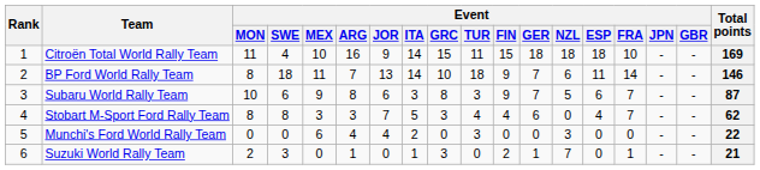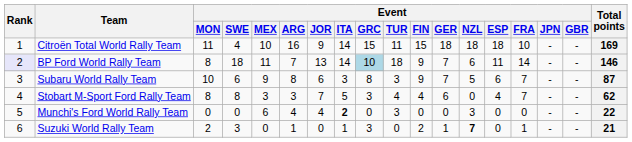 <table class="wikitable" style="text-align:center; font-size:90%;">
 <tr>
 <th rowspan=2>Rank</th>
 <th rowspan=2>Team</th>
 <th colspan=15>Event</th>
 <th rowspan=2>Total<br>points</th>
 </tr>
 <tr valign="top">
 <th><a href='#'>MON</a><br></th>
 <th><a href='#'>SWE</a><br></th>
 <th><a href='#'>MEX</a><br></th>
 <th><a href='#'>ARG</a><br></th>
 <th><a href='#'>JOR</a><br></th>
 <th><a href='#'>ITA</a><br></th>
 <th><a href='#'>GRC</a><br></th>
 <th><a href='#'>TUR</a><br></th>
 <th><a href='#'>FIN</a><br></th>
 <th><a href='#'>GER</a><br></th>
 <th><a href='#'>NZL</a><br></th>
 <th><a href='#'>ESP</a><br></th>
 <th><a href='#'>FRA</a><br></th>
 <th><a href='#'>JPN</a><br></th>
 <th><a href='#'>GBR</a><br></th>
 </tr>
 <tr>
 <td>1</td>
 <td align="left"> <a href='#'>Citroën Total World Rally Team</a></td>
 <td>11</td>
 <td>4</td>
 <td>10</td>
 <td>16</td>
 <td>9</td>
 <td>14</td>
 <td>15</td>
 <td>11</td>
 <td>15</td>
 <td>18</td>
 <td>18</td>
 <td>18</td>
 <td>10</td>
 <td>-</td>
 <td>-</td>
 <th>169</th>
 </tr>
 <tr>
-<td>2</td>
+<td style="background: lavender;">2</td>
 <td align="left"> <a href='#'>BP Ford World Rally Team</a></td>
 <td>8</td>
 <td>18</td>
 <td>11</td>
 <td>7</td>
 <td>13</td>
 <td>14</td>
-<td>10</td>
+<td style="background: lightblue;">10</td>
 <td>18</td>
 <td>9</td>
 <td>7</td>
 <td>6</td>
 <td>11</td>
 <td>14</td>
 <td>-</td>
 <td>-</td>
 <th>146</th>
 </tr>
 <tr>
 <td>3</td>
 <td align="left"> <a href='#'>Subaru World Rally Team</a></td>
 <td>10</td>
 <td>6</td>
 <td>9</td>
 <td>8</td>
 <td>6</td>
 <td>3</td>
 <td>8</td>
 <td>3</td>
 <td>9</td>
 <td>7</td>
 <td>5</td>
 <td>6</td>
 <td>7</td>
 <td>-</td>
 <td>-</td>
 <th>87</th>
 </tr>
 <tr>
 <td>4</td>
 <td align="left"> <a href='#'>Stobart M-Sport Ford Rally Team</a></td>
 <td>8</td>
 <td>8</td>
 <td>3</td>
 <td>3</td>
 <td>7</td>
 <td>5</td>
 <td>3</td>
 <td>4</td>
 <td>4</td>
 <td>6</td>
 <td>0</td>
 <td>4</td>
 <td>7</td>
 <td>-</td>
 <td>-</td>
 <th>62</th>
 </tr>
 <tr>
 <td>5</td>
 <td align="left"> <a href='#'>Munchi's Ford World Rally Team</a></td>
 <td>0</td>
 <td>0</td>
 <td>6</td>
 <td>4</td>
 <td>4</td>
-<td>2</td>
+<td><strong>2</strong></td>
 <td>0</td>
 <td>3</td>
 <td>0</td>
 <td>0</td>
 <td>3</td>
 <td>0</td>
 <td>0</td>
 <td>-</td>
 <td>-</td>
 <th>22</th>
 </tr>
 <tr>
 <td>6</td>
 <td align="left"> <a href='#'>Suzuki World Rally Team</a></td>
 <td>2</td>
 <td>3</td>
 <td>0</td>
 <td>1</td>
 <td>0</td>
 <td>1</td>
 <td>3</td>
 <td>0</td>
 <td>2</td>
 <td>1</td>
-<td>7</td>
+<td><strong>7</strong></td>
 <td>0</td>
 <td>1</td>
 <td>-</td>
 <td>-</td>
 <th>21</th>
 </tr>
 </table>
